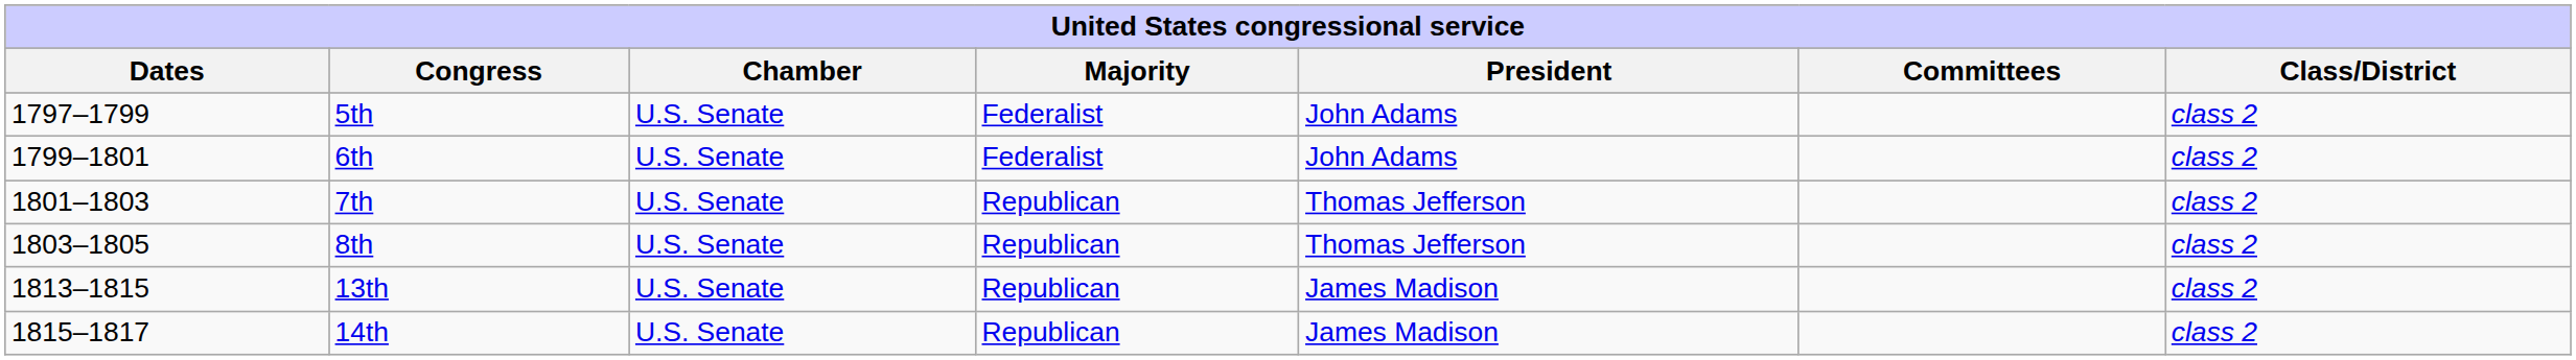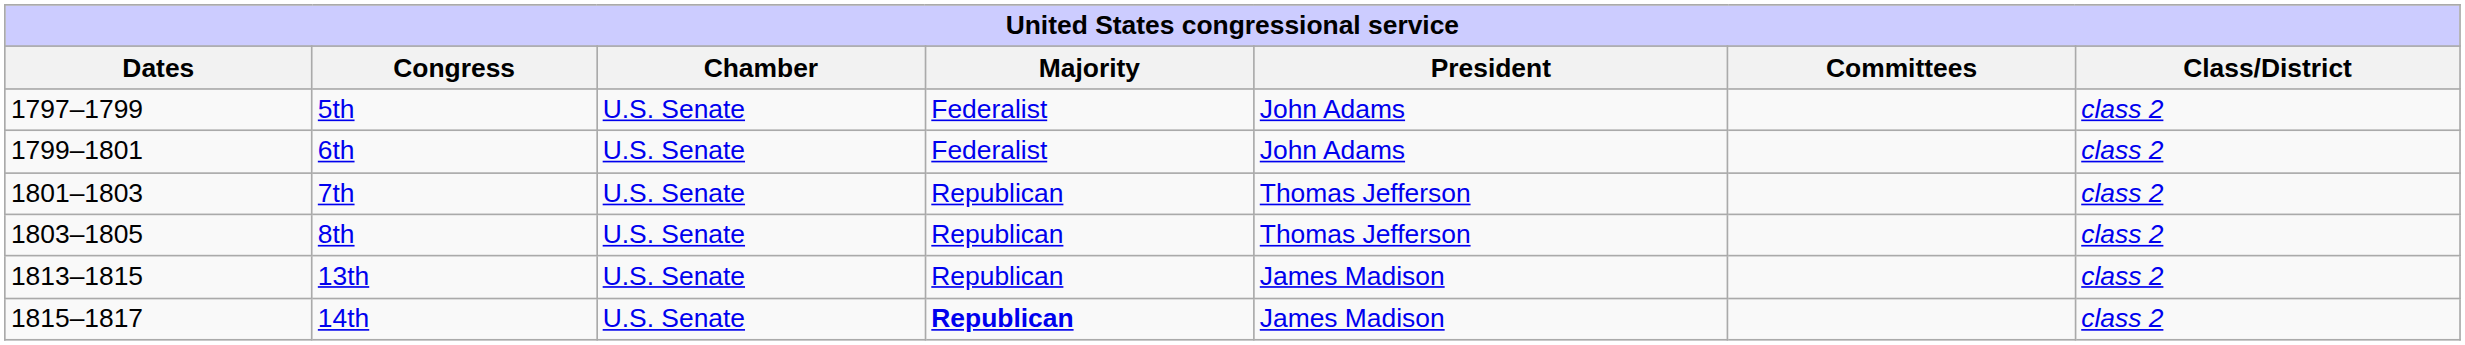 <table class=wikitable style="width: 94%" style="text-align: center;" align="center">
 <tr bgcolor=#cccccc>
 <th colspan=7 style="background: #ccccff;">United States congressional service</th>
 </tr>
 <tr>
 <th><strong>Dates</strong></th>
 <th><strong>Congress</strong></th>
 <th><strong>Chamber</strong></th>
 <th><strong>Majority</strong></th>
 <th><strong>President</strong></th>
 <th><strong>Committees</strong></th>
 <th><strong>Class/District</strong></th>
 </tr>
 <tr>
 <td>1797–1799</td>
 <td><a href='#'>5th</a></td>
 <td><a href='#'>U.S. Senate</a></td>
 <td><a href='#'>Federalist</a></td>
 <td><a href='#'>John Adams</a></td>
 <td></td>
 <td><a href='#'><em>class 2</em></a></td>
 </tr>
 <tr>
 <td>1799–1801</td>
 <td><a href='#'>6th</a></td>
 <td><a href='#'>U.S. Senate</a></td>
 <td><a href='#'>Federalist</a></td>
 <td><a href='#'>John Adams</a></td>
 <td></td>
 <td><a href='#'><em>class 2</em></a></td>
 </tr>
 <tr>
 <td>1801–1803</td>
 <td><a href='#'>7th</a></td>
 <td><a href='#'>U.S. Senate</a></td>
 <td><a href='#'>Republican</a></td>
 <td><a href='#'>Thomas Jefferson</a></td>
 <td></td>
 <td><a href='#'><em>class 2</em></a></td>
 </tr>
 <tr>
 <td>1803–1805</td>
 <td><a href='#'>8th</a></td>
 <td><a href='#'>U.S. Senate</a></td>
 <td><a href='#'>Republican</a></td>
 <td><a href='#'>Thomas Jefferson</a></td>
 <td></td>
 <td><a href='#'><em>class 2</em></a></td>
 </tr>
 <tr>
 <td>1813–1815</td>
 <td><a href='#'>13th</a></td>
 <td><a href='#'>U.S. Senate</a></td>
 <td><a href='#'>Republican</a></td>
 <td><a href='#'>James Madison</a></td>
 <td></td>
 <td><a href='#'><em>class 2</em></a></td>
 </tr>
 <tr>
 <td>1815–1817</td>
 <td><a href='#'>14th</a></td>
 <td><a href='#'>U.S. Senate</a></td>
-<td><a href='#'>Republican</a></td>
+<td><strong><a href='#'>Republican</a></strong></td>
 <td><a href='#'>James Madison</a></td>
 <td></td>
 <td><a href='#'><em>class 2</em></a></td>
 </tr>
 </table>
